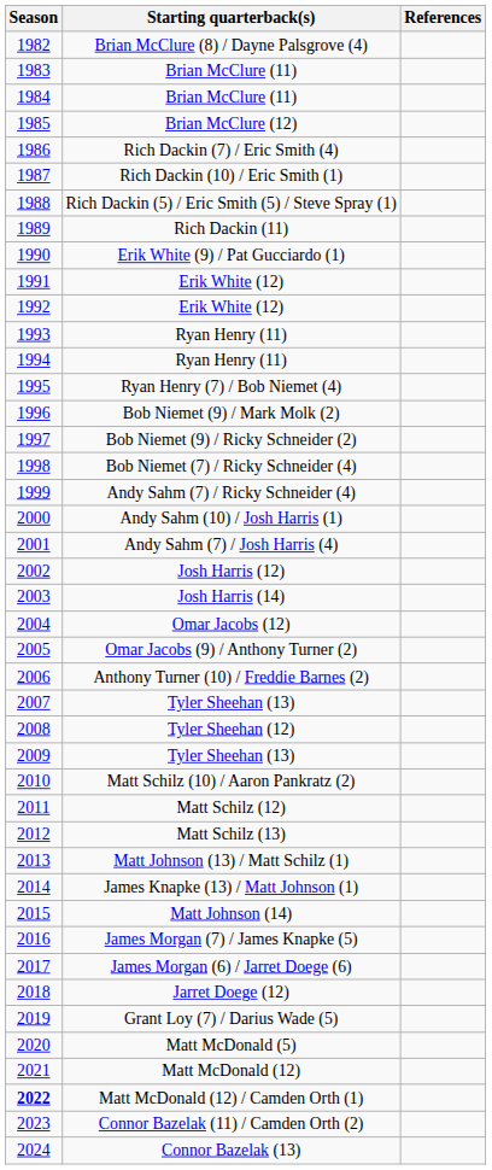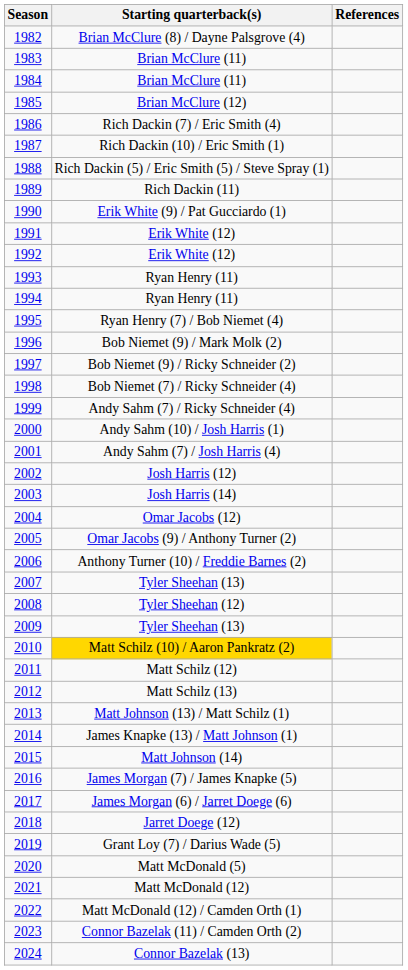 <table class="wikitable sortable" style="text-align:center">
 <tr>
 <th style=>Season</th>
 <th style=>Starting quarterback(s)</th>
 <th style=>References</th>
 </tr>
 <tr>
 <td><a href='#'>1982</a></td>
 <td><a href='#'>Brian McClure</a> (8) / Dayne Palsgrove (4)</td>
 <td></td>
 </tr>
 <tr>
 <td><a href='#'>1983</a></td>
 <td><a href='#'>Brian McClure</a> (11)</td>
 <td></td>
 </tr>
 <tr>
 <td><a href='#'>1984</a></td>
 <td><a href='#'>Brian McClure</a> (11)</td>
 <td></td>
 </tr>
 <tr>
 <td><a href='#'>1985</a></td>
 <td><a href='#'>Brian McClure</a> (12)</td>
 <td></td>
 </tr>
 <tr>
 <td><a href='#'>1986</a></td>
 <td>Rich Dackin (7) / Eric Smith (4)</td>
 <td></td>
 </tr>
 <tr>
 <td><a href='#'>1987</a></td>
 <td>Rich Dackin (10) / Eric Smith (1)</td>
 <td></td>
 </tr>
 <tr>
 <td><a href='#'>1988</a></td>
 <td>Rich Dackin (5) / Eric Smith (5) / Steve Spray (1)</td>
 <td></td>
 </tr>
 <tr>
 <td><a href='#'>1989</a></td>
 <td>Rich Dackin (11)</td>
 <td></td>
 </tr>
 <tr>
 <td><a href='#'>1990</a></td>
 <td><a href='#'>Erik White</a> (9) / Pat Gucciardo (1)</td>
 <td></td>
 </tr>
 <tr>
 <td><a href='#'>1991</a></td>
 <td><a href='#'>Erik White</a> (12)</td>
 <td></td>
 </tr>
 <tr>
 <td><a href='#'>1992</a></td>
 <td><a href='#'>Erik White</a> (12)</td>
 <td></td>
 </tr>
 <tr>
 <td><a href='#'>1993</a></td>
 <td>Ryan Henry (11)</td>
 <td></td>
 </tr>
 <tr>
 <td><a href='#'>1994</a></td>
 <td>Ryan Henry (11)</td>
 <td></td>
 </tr>
 <tr>
 <td><a href='#'>1995</a></td>
 <td>Ryan Henry (7) / Bob Niemet (4)</td>
 <td></td>
 </tr>
 <tr>
 <td><a href='#'>1996</a></td>
 <td>Bob Niemet (9) / Mark Molk (2)</td>
 <td></td>
 </tr>
 <tr>
 <td><a href='#'>1997</a></td>
 <td>Bob Niemet (9) / Ricky Schneider (2)</td>
 <td></td>
 </tr>
 <tr>
 <td><a href='#'>1998</a></td>
 <td>Bob Niemet (7) / Ricky Schneider (4)</td>
 <td></td>
 </tr>
 <tr>
 <td><a href='#'>1999</a></td>
 <td>Andy Sahm (7) / Ricky Schneider (4)</td>
 <td></td>
 </tr>
 <tr>
 <td><a href='#'>2000</a></td>
 <td>Andy Sahm (10) / <a href='#'>Josh Harris</a> (1)</td>
 <td></td>
 </tr>
 <tr>
 <td><a href='#'>2001</a></td>
 <td>Andy Sahm (7) / <a href='#'>Josh Harris</a> (4)</td>
 <td></td>
 </tr>
 <tr>
 <td><a href='#'>2002</a></td>
 <td><a href='#'>Josh Harris</a> (12)</td>
 <td></td>
 </tr>
 <tr>
 <td><a href='#'>2003</a></td>
 <td><a href='#'>Josh Harris</a> (14)</td>
 <td></td>
 </tr>
 <tr>
 <td><a href='#'>2004</a></td>
 <td><a href='#'>Omar Jacobs</a> (12)</td>
 <td></td>
 </tr>
 <tr>
 <td><a href='#'>2005</a></td>
 <td><a href='#'>Omar Jacobs</a> (9) / Anthony Turner (2)</td>
 <td></td>
 </tr>
 <tr>
 <td><a href='#'>2006</a></td>
 <td>Anthony Turner (10) / <a href='#'>Freddie Barnes</a> (2)</td>
 <td></td>
 </tr>
 <tr>
 <td><a href='#'>2007</a></td>
 <td><a href='#'>Tyler Sheehan</a> (13)</td>
 <td></td>
 </tr>
 <tr>
 <td><a href='#'>2008</a></td>
 <td><a href='#'>Tyler Sheehan</a> (12)</td>
 <td></td>
 </tr>
 <tr>
 <td><a href='#'>2009</a></td>
 <td><a href='#'>Tyler Sheehan</a> (13)</td>
 <td></td>
 </tr>
 <tr>
 <td><a href='#'>2010</a></td>
-<td>Matt Schilz (10) / Aaron Pankratz (2)</td>
+<td style="background: gold;">Matt Schilz (10) / Aaron Pankratz (2)</td>
 <td></td>
 </tr>
 <tr>
 <td><a href='#'>2011</a></td>
 <td>Matt Schilz (12)</td>
 <td></td>
 </tr>
 <tr>
 <td><a href='#'>2012</a></td>
 <td>Matt Schilz (13)</td>
 <td></td>
 </tr>
 <tr>
 <td><a href='#'>2013</a></td>
 <td><a href='#'>Matt Johnson</a> (13) / Matt Schilz (1)</td>
 <td></td>
 </tr>
 <tr>
 <td><a href='#'>2014</a></td>
 <td>James Knapke (13) / <a href='#'>Matt Johnson</a> (1)</td>
 <td></td>
 </tr>
 <tr>
 <td><a href='#'>2015</a></td>
 <td><a href='#'>Matt Johnson</a> (14)</td>
 <td></td>
 </tr>
 <tr>
 <td><a href='#'>2016</a></td>
 <td><a href='#'>James Morgan</a> (7) / James Knapke (5)</td>
 <td></td>
 </tr>
 <tr>
 <td><a href='#'>2017</a></td>
 <td><a href='#'>James Morgan</a> (6) / <a href='#'>Jarret Doege</a> (6)</td>
 <td></td>
 </tr>
 <tr>
 <td><a href='#'>2018</a></td>
 <td><a href='#'>Jarret Doege</a> (12)</td>
 <td></td>
 </tr>
 <tr>
 <td><a href='#'>2019</a></td>
 <td>Grant Loy (7) / Darius Wade (5)</td>
 <td></td>
 </tr>
 <tr>
 <td><a href='#'>2020</a></td>
 <td>Matt McDonald (5)</td>
 <td></td>
 </tr>
 <tr>
 <td><a href='#'>2021</a></td>
 <td>Matt McDonald (12)</td>
 <td></td>
 </tr>
 <tr>
-<td><strong><a href='#'>2022</a></strong></td>
+<td><a href='#'>2022</a></td>
 <td>Matt McDonald (12) / Camden Orth (1)</td>
 <td></td>
 </tr>
 <tr>
 <td><a href='#'>2023</a></td>
 <td><a href='#'>Connor Bazelak</a> (11) / Camden Orth (2)</td>
 <td></td>
 </tr>
 <tr>
 <td><a href='#'>2024</a></td>
 <td><a href='#'>Connor Bazelak</a> (13)</td>
 <td></td>
 </tr>
 </table>
